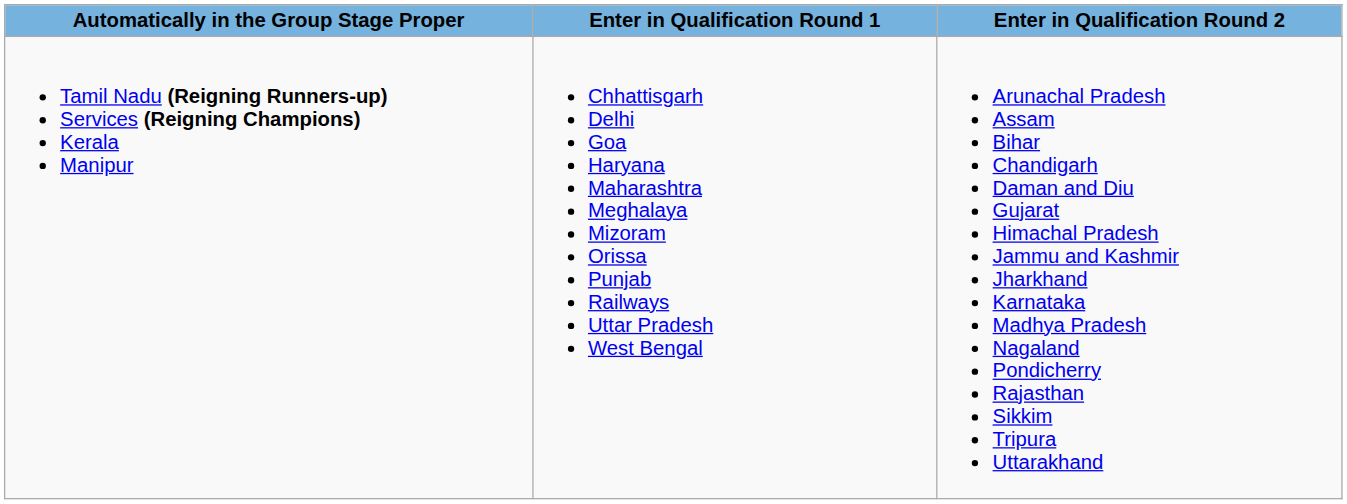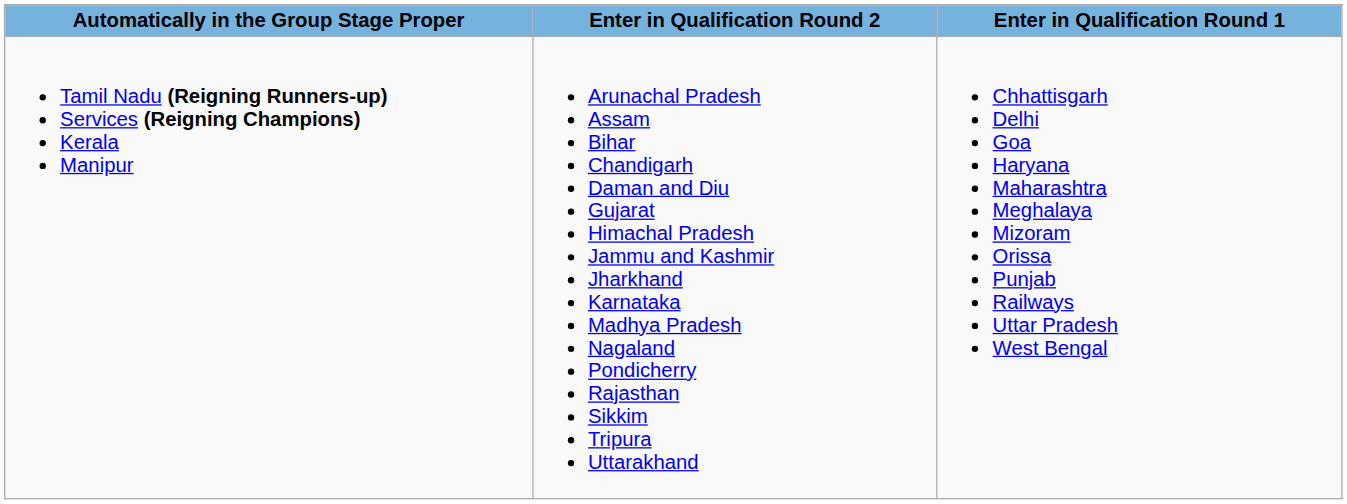 <table class="wikitable">
 <tr valign="top" bgcolor="#75B2DD">
 <td align="center" width="30%" colspan="1"><strong>Automatically in the Group Stage Proper</strong></td>
+<td align="center" width="23%"><strong>Enter in Qualification Round 2</strong></td>
 <td align="center" width="23%"><strong>Enter in Qualification Round 1</strong></td>
-<td align="center" width="23%"><strong>Enter in Qualification Round 2</strong></td>
 </tr>
 <tr valign="top">
 <td><br><ul><li><a href='#'>Tamil Nadu</a> <strong>(Reigning Runners-up)</strong></li><li><a href='#'>Services</a> <strong>(Reigning Champions)</strong></li><li><a href='#'>Kerala</a></li><li><a href='#'>Manipur</a></li></ul></td>
+<td><br><ul><li><a href='#'>Arunachal Pradesh</a></li><li><a href='#'>Assam</a></li><li><a href='#'>Bihar</a></li><li><a href='#'>Chandigarh</a></li><li><a href='#'>Daman and Diu</a></li><li><a href='#'>Gujarat</a></li><li><a href='#'>Himachal Pradesh</a></li><li><a href='#'>Jammu and Kashmir</a></li><li><a href='#'>Jharkhand</a></li><li><a href='#'>Karnataka</a></li><li><a href='#'>Madhya Pradesh</a></li><li><a href='#'>Nagaland</a></li><li><a href='#'>Pondicherry</a></li><li><a href='#'>Rajasthan</a></li><li><a href='#'>Sikkim</a></li><li><a href='#'>Tripura</a></li><li><a href='#'>Uttarakhand</a></li></ul></td>
 <td><br><ul><li><a href='#'>Chhattisgarh</a></li><li><a href='#'>Delhi</a></li><li><a href='#'>Goa</a></li><li><a href='#'>Haryana</a></li><li><a href='#'>Maharashtra</a></li><li><a href='#'>Meghalaya</a></li><li><a href='#'>Mizoram</a></li><li><a href='#'>Orissa</a></li><li><a href='#'>Punjab</a></li><li><a href='#'>Railways</a></li><li><a href='#'>Uttar Pradesh</a></li><li><a href='#'>West Bengal</a></li></ul></td>
-<td><br><ul><li><a href='#'>Arunachal Pradesh</a></li><li><a href='#'>Assam</a></li><li><a href='#'>Bihar</a></li><li><a href='#'>Chandigarh</a></li><li><a href='#'>Daman and Diu</a></li><li><a href='#'>Gujarat</a></li><li><a href='#'>Himachal Pradesh</a></li><li><a href='#'>Jammu and Kashmir</a></li><li><a href='#'>Jharkhand</a></li><li><a href='#'>Karnataka</a></li><li><a href='#'>Madhya Pradesh</a></li><li><a href='#'>Nagaland</a></li><li><a href='#'>Pondicherry</a></li><li><a href='#'>Rajasthan</a></li><li><a href='#'>Sikkim</a></li><li><a href='#'>Tripura</a></li><li><a href='#'>Uttarakhand</a></li></ul></td>
 </tr>
 </table>
